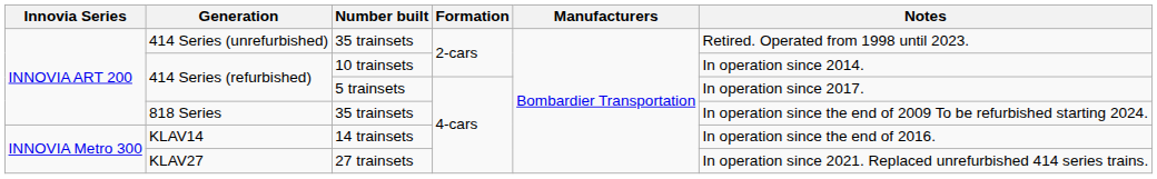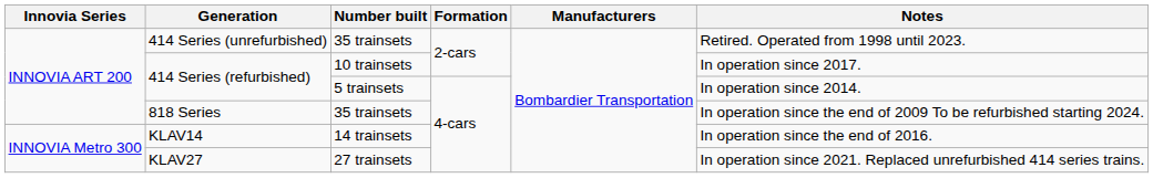 <table class="wikitable">
 <tr>
 <th>Innovia Series</th>
 <th>Generation</th>
 <th>Number built</th>
 <th>Formation</th>
 <th>Manufacturers</th>
 <th>Notes</th>
 </tr>
 <tr align=left>
 <td rowspan="4"><a href='#'>INNOVIA ART 200</a></td>
 <td>414 Series (unrefurbished)</td>
 <td>35 trainsets</td>
 <td rowspan="2">2-cars</td>
 <td rowspan="6"><a href='#'>Bombardier Transportation</a></td>
 <td>Retired. Operated from 1998 until 2023.</td>
 </tr>
 <tr>
 <td rowspan="2">414 Series (refurbished)</td>
 <td>10 trainsets</td>
-<td>In operation since 2014.</td>
+<td>In operation since 2017.</td>
 </tr>
 <tr>
 <td>5 trainsets</td>
 <td rowspan="4">4-cars</td>
-<td>In operation since 2017.</td>
+<td>In operation since 2014.</td>
 </tr>
 <tr align="left">
 <td>818 Series</td>
 <td>35 trainsets</td>
 <td>In operation since the end of 2009 To be refurbished starting 2024.</td>
 </tr>
 <tr align="left">
 <td rowspan="2"><a href='#'>INNOVIA Metro 300</a></td>
 <td>KLAV14</td>
 <td>14 trainsets</td>
 <td>In operation since the end of 2016.</td>
 </tr>
 <tr align="left">
 <td>KLAV27</td>
 <td>27 trainsets</td>
 <td>In operation since 2021. Replaced unrefurbished 414 series trains.</td>
 </tr>
 </table>
